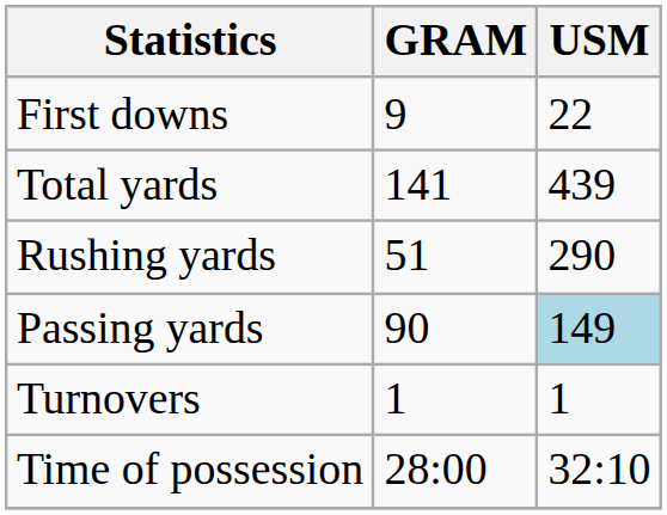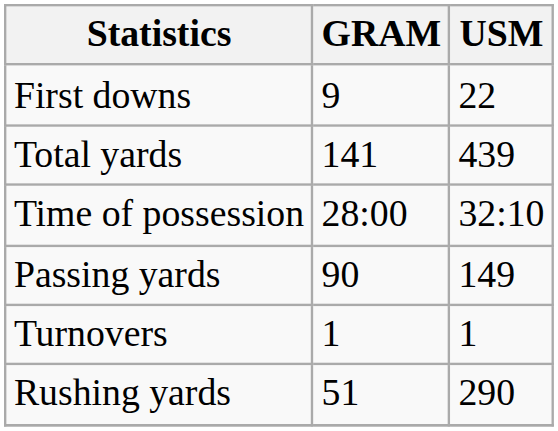 <table class="wikitable">
 <tr>
 <th>Statistics</th>
 <th>GRAM</th>
 <th>USM</th>
 </tr>
 <tr>
 <td>First downs</td>
 <td>9</td>
 <td>22</td>
 </tr>
 <tr>
 <td>Total yards</td>
 <td>141</td>
 <td>439</td>
 </tr>
 <tr>
-<td>Rushing yards</td>
-<td>51</td>
-<td>290</td>
+<td>Time of possession</td>
+<td>28:00</td>
+<td>32:10</td>
 </tr>
 <tr>
 <td>Passing yards</td>
 <td>90</td>
-<td style="background: lightblue;">149</td>
+<td>149</td>
 </tr>
 <tr>
 <td>Turnovers</td>
 <td>1</td>
 <td>1</td>
 </tr>
 <tr>
-<td>Time of possession</td>
-<td>28:00</td>
-<td>32:10</td>
+<td>Rushing yards</td>
+<td>51</td>
+<td>290</td>
 </tr>
 <tr>
 </tr>
 </table>
